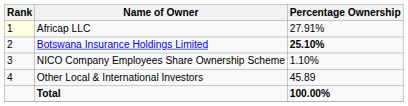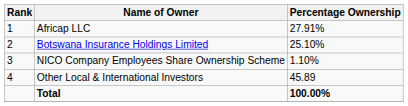 <table class="wikitable sortable" style="margin-left:auto;margin-right:auto">
 <tr>
 <th style="width:2em;">Rank</th>
 <th>Name of Owner</th>
 <th>Percentage Ownership</th>
 </tr>
 <tr>
-<td style="background: lightyellow;">1</td>
+<td>1</td>
 <td>Africap LLC</td>
 <td>27.91%</td>
 </tr>
 <tr>
 <td>2</td>
 <td><a href='#'>Botswana Insurance Holdings Limited</a></td>
-<td><strong>25.10%</strong></td>
+<td>25.10%</td>
 </tr>
 <tr>
 <td>3</td>
 <td>NICO Company Employees Share Ownership Scheme</td>
 <td>1.10%</td>
 </tr>
 <tr>
 <td>4</td>
 <td>Other Local & International Investors</td>
 <td>45.89</td>
 </tr>
 <tr>
 <td></td>
 <td><strong>Total</strong></td>
 <td><strong>100.00%</strong></td>
 </tr>
 <tr>
 </tr>
 </table>
